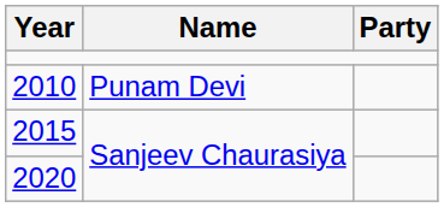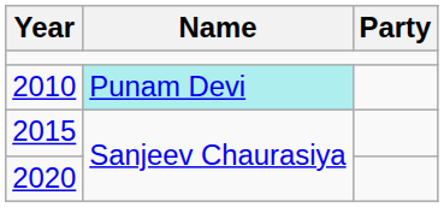 <table class="wikitable sortable">
 <tr>
 <th>Year</th>
 <th>Name</th>
 <th colspan="2">Party</th>
 </tr>
 <tr>
 <td colspan=4></td>
 </tr>
 <tr>
 <td><a href='#'>2010</a></td>
-<td><a href='#'>Punam Devi</a></td>
+<td style="background: paleturquoise;"><a href='#'>Punam Devi</a></td>
 <td></td>
 </tr>
 <tr>
 <td><a href='#'>2015</a></td>
 <td rowspan="2"><a href='#'>Sanjeev Chaurasiya</a></td>
 <td></td>
 </tr>
 <tr>
 <td><a href='#'>2020</a></td>
 </tr>
 </table>
